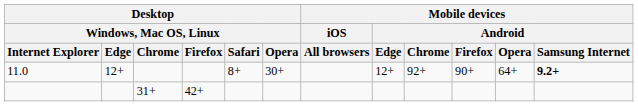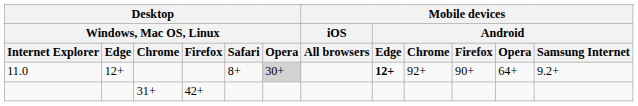 <table class="wikitable">
 <tr>
 <th colspan="6">Desktop</th>
 <th colspan="6">Mobile devices</th>
 </tr>
 <tr>
 <th colspan="6">Windows, Mac OS, Linux</th>
 <th>iOS</th>
 <th colspan="5">Android</th>
 </tr>
 <tr>
 <th>Internet Explorer</th>
 <th>Edge</th>
 <th>Chrome</th>
 <th>Firefox</th>
 <th>Safari</th>
 <th>Opera</th>
 <th>All browsers</th>
 <th>Edge</th>
 <th>Chrome</th>
 <th>Firefox</th>
 <th>Opera</th>
 <th>Samsung Internet</th>
 </tr>
 <tr>
 <td>11.0</td>
 <td>12+</td>
 <td></td>
 <td></td>
 <td>8+</td>
-<td>30+</td>
+<td style="background: lightgrey;">30+</td>
 <td></td>
-<td>12+</td>
+<td><strong>12+</strong></td>
 <td>92+</td>
 <td>90+</td>
 <td>64+</td>
-<td><strong>9.2+</strong></td>
+<td>9.2+</td>
 </tr>
 <tr>
 <td></td>
 <td></td>
 <td>31+</td>
 <td>42+</td>
 <td></td>
 <td></td>
 <td></td>
 <td></td>
 <td></td>
 <td></td>
 <td></td>
 <td></td>
 </tr>
 </table>
